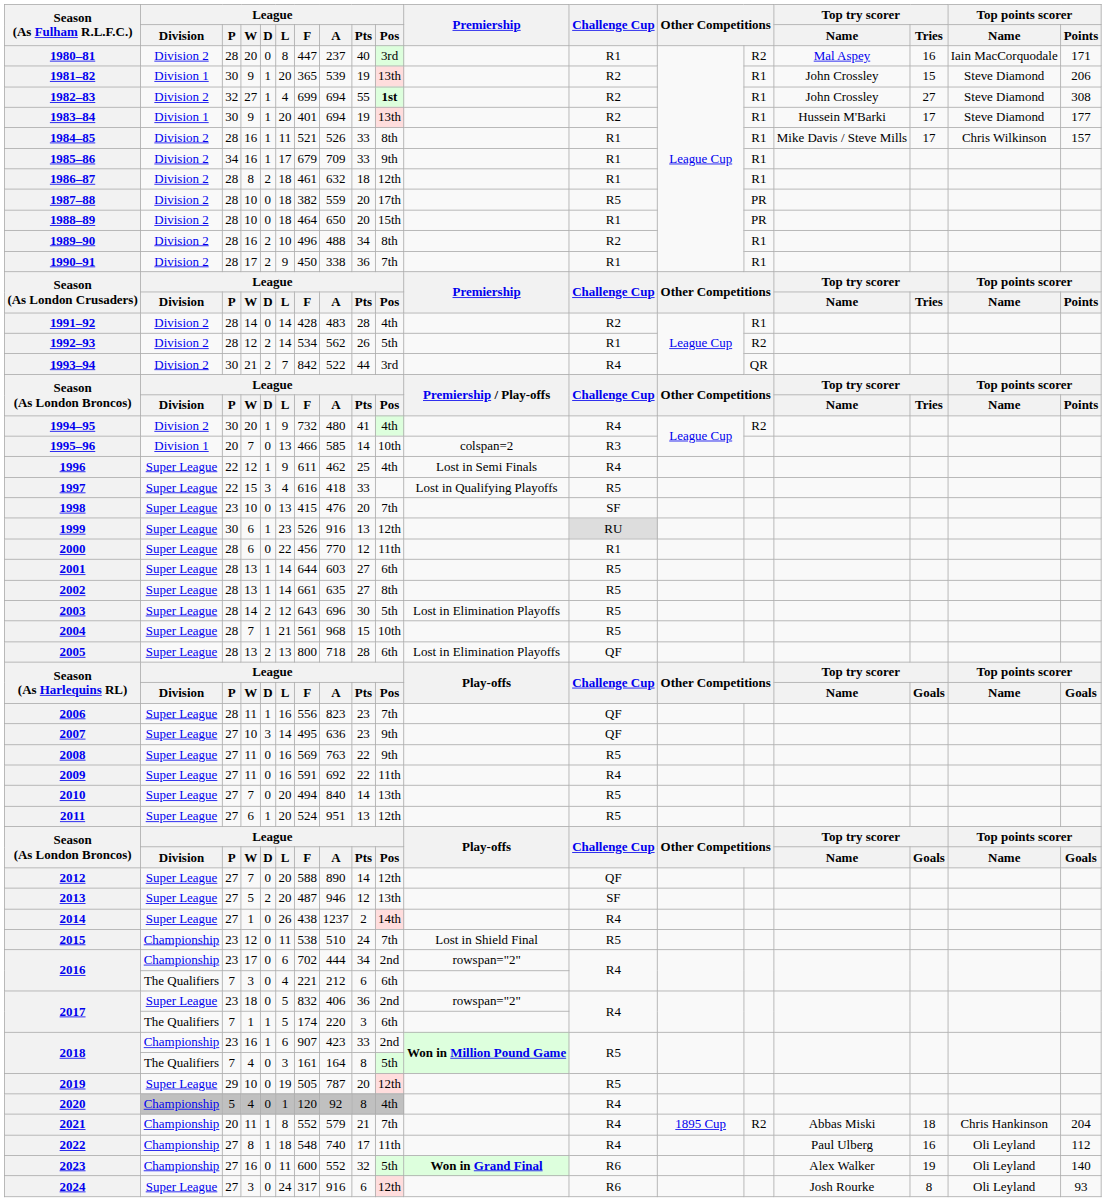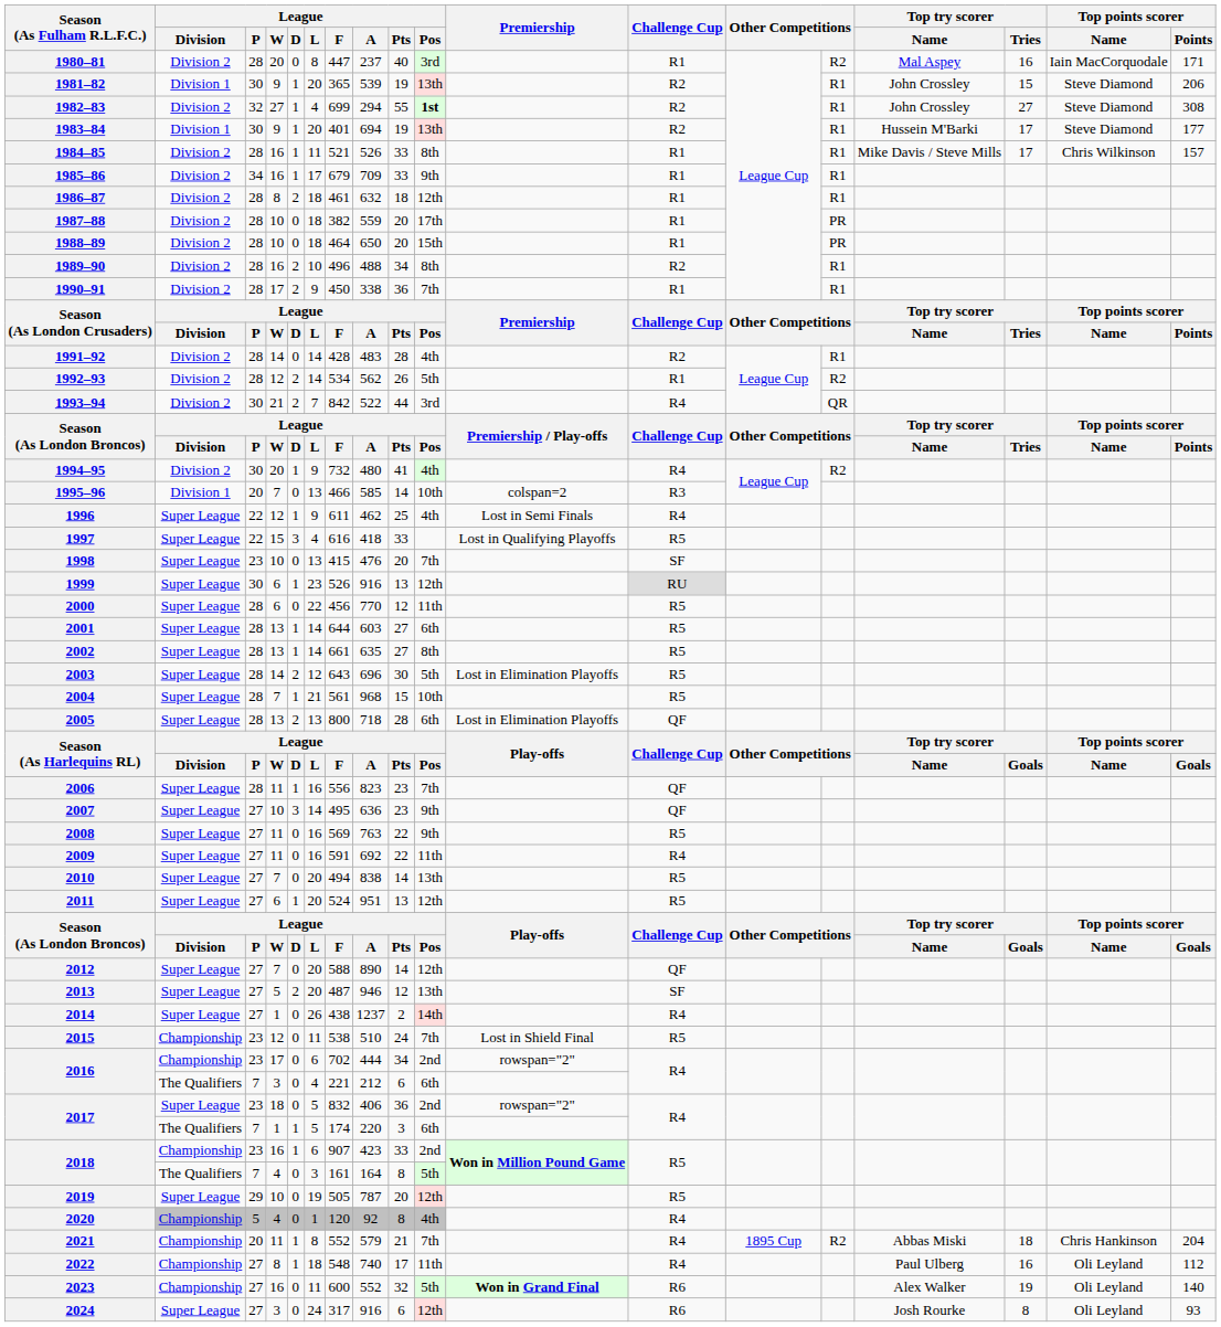 <table class="wikitable" style="text-align: center">
 <tr>
 <th rowspan=2>Season<br>(As  <a href='#'>Fulham</a> R.L.F.C.)</th>
 <th colspan=9>League</th>
 <th rowspan=2><a href='#'>Premiership</a></th>
 <th rowspan=2><a href='#'>Challenge Cup</a></th>
 <th rowspan=2 colspan=2>Other Competitions</th>
 <th colspan=2>Top try scorer</th>
 <th colspan=2>Top points scorer</th>
 </tr>
 <tr>
 <th>Division</th>
 <th>P</th>
 <th>W</th>
 <th>D</th>
 <th>L</th>
 <th>F</th>
 <th>A</th>
 <th>Pts</th>
 <th>Pos</th>
 <th>Name</th>
 <th>Tries</th>
 <th>Name</th>
 <th>Points</th>
 </tr>
 <tr>
 <th scope="row"><a href='#'>1980–81</a></th>
 <td><a href='#'>Division 2</a></td>
 <td>28</td>
 <td>20</td>
 <td>0</td>
 <td>8</td>
 <td>447</td>
 <td>237</td>
 <td>40</td>
 <td style="background:#ddffdd">3rd</td>
 <td></td>
 <td>R1</td>
 <td rowspan="11"><a href='#'>League Cup</a></td>
 <td>R2</td>
 <td><a href='#'>Mal Aspey</a></td>
 <td>16</td>
 <td>Iain MacCorquodale</td>
 <td>171</td>
 </tr>
 <tr>
 <th scope="row"><a href='#'>1981–82</a></th>
 <td><a href='#'>Division 1</a></td>
 <td>30</td>
 <td>9</td>
 <td>1</td>
 <td>20</td>
 <td>365</td>
 <td>539</td>
 <td>19</td>
 <td style="background:#ffdddd">13th</td>
 <td></td>
 <td>R2</td>
 <td>R1</td>
 <td>John Crossley</td>
 <td>15</td>
 <td>Steve Diamond</td>
 <td>206</td>
 </tr>
 <tr>
 <th scope="row"><a href='#'>1982–83</a></th>
 <td><a href='#'>Division 2</a></td>
 <td>32</td>
 <td>27</td>
 <td>1</td>
 <td>4</td>
 <td>699</td>
-<td>694</td>
+<td>294</td>
 <td>55</td>
 <td style="background:#ddffdd"><strong>1st</strong></td>
 <td></td>
 <td>R2</td>
 <td>R1</td>
 <td>John Crossley</td>
 <td>27</td>
 <td>Steve Diamond</td>
 <td>308</td>
 </tr>
 <tr>
 <th scope="row"><a href='#'>1983–84</a></th>
 <td><a href='#'>Division 1</a></td>
 <td>30</td>
 <td>9</td>
 <td>1</td>
 <td>20</td>
 <td>401</td>
 <td>694</td>
 <td>19</td>
 <td style="background:#ffdddd">13th</td>
 <td></td>
 <td>R2</td>
 <td>R1</td>
 <td>Hussein M'Barki</td>
 <td>17</td>
 <td>Steve Diamond</td>
 <td>177</td>
 </tr>
 <tr>
 <th scope="row"><a href='#'>1984–85</a></th>
 <td><a href='#'>Division 2</a></td>
 <td>28</td>
 <td>16</td>
 <td>1</td>
 <td>11</td>
 <td>521</td>
 <td>526</td>
 <td>33</td>
 <td>8th</td>
 <td></td>
 <td>R1</td>
 <td>R1</td>
 <td>Mike Davis / Steve Mills</td>
 <td>17</td>
 <td>Chris Wilkinson</td>
 <td>157</td>
 </tr>
 <tr>
 <th scope="row"><a href='#'>1985–86</a></th>
 <td><a href='#'>Division 2</a></td>
 <td>34</td>
 <td>16</td>
 <td>1</td>
 <td>17</td>
 <td>679</td>
 <td>709</td>
 <td>33</td>
 <td>9th</td>
 <td></td>
 <td>R1</td>
 <td>R1</td>
 <td></td>
 <td></td>
 <td></td>
 <td></td>
 </tr>
 <tr>
 <th scope="row"><a href='#'>1986–87</a></th>
 <td><a href='#'>Division 2</a></td>
 <td>28</td>
 <td>8</td>
 <td>2</td>
 <td>18</td>
 <td>461</td>
 <td>632</td>
 <td>18</td>
 <td>12th</td>
 <td></td>
 <td>R1</td>
 <td>R1</td>
 <td></td>
 <td></td>
 <td></td>
 <td></td>
 </tr>
 <tr>
 <th scope="row"><a href='#'>1987–88</a></th>
 <td><a href='#'>Division 2</a></td>
 <td>28</td>
 <td>10</td>
 <td>0</td>
 <td>18</td>
 <td>382</td>
 <td>559</td>
 <td>20</td>
 <td>17th</td>
 <td></td>
-<td>R5</td>
+<td>R1</td>
 <td>PR</td>
 <td></td>
 <td></td>
 <td></td>
 <td></td>
 </tr>
 <tr>
 <th scope="row"><a href='#'>1988–89</a></th>
 <td><a href='#'>Division 2</a></td>
 <td>28</td>
 <td>10</td>
 <td>0</td>
 <td>18</td>
 <td>464</td>
 <td>650</td>
 <td>20</td>
 <td>15th</td>
 <td></td>
 <td>R1</td>
 <td>PR</td>
 <td></td>
 <td></td>
 <td></td>
 <td></td>
 </tr>
 <tr>
 <th scope="row"><a href='#'>1989–90</a></th>
 <td><a href='#'>Division 2</a></td>
 <td>28</td>
 <td>16</td>
 <td>2</td>
 <td>10</td>
 <td>496</td>
 <td>488</td>
 <td>34</td>
 <td>8th</td>
 <td></td>
 <td>R2</td>
 <td>R1</td>
 <td></td>
 <td></td>
 <td></td>
 <td></td>
 </tr>
 <tr>
 <th scope="row"><a href='#'>1990–91</a></th>
 <td><a href='#'>Division 2</a></td>
 <td>28</td>
 <td>17</td>
 <td>2</td>
 <td>9</td>
 <td>450</td>
 <td>338</td>
 <td>36</td>
 <td>7th</td>
 <td></td>
 <td>R1</td>
 <td>R1</td>
 <td></td>
 <td></td>
 <td></td>
 <td></td>
 </tr>
 <tr>
 <th rowspan=2>Season<br>(As  London Crusaders)</th>
 <th colspan=9>League</th>
 <th rowspan=2><a href='#'>Premiership</a></th>
 <th rowspan=2><a href='#'>Challenge Cup</a></th>
 <th rowspan=2 colspan=2>Other Competitions</th>
 <th colspan=2>Top try scorer</th>
 <th colspan=2>Top points scorer</th>
 </tr>
 <tr>
 <th>Division</th>
 <th>P</th>
 <th>W</th>
 <th>D</th>
 <th>L</th>
 <th>F</th>
 <th>A</th>
 <th>Pts</th>
 <th>Pos</th>
 <th>Name</th>
 <th>Tries</th>
 <th>Name</th>
 <th>Points</th>
 </tr>
 <tr>
 <th scope="row"><a href='#'>1991–92</a></th>
 <td><a href='#'>Division 2</a></td>
 <td>28</td>
 <td>14</td>
 <td>0</td>
 <td>14</td>
 <td>428</td>
 <td>483</td>
 <td>28</td>
 <td>4th</td>
 <td></td>
 <td>R2</td>
 <td rowspan="3"><a href='#'>League Cup</a></td>
 <td>R1</td>
 <td></td>
 <td></td>
 <td></td>
 <td></td>
 </tr>
 <tr>
 <th scope="row"><a href='#'>1992–93</a></th>
 <td><a href='#'>Division 2</a></td>
 <td>28</td>
 <td>12</td>
 <td>2</td>
 <td>14</td>
 <td>534</td>
 <td>562</td>
 <td>26</td>
 <td>5th</td>
 <td></td>
 <td>R1</td>
 <td>R2</td>
 <td></td>
 <td></td>
 <td></td>
 <td></td>
 </tr>
 <tr>
 <th scope="row"><a href='#'>1993–94</a></th>
 <td><a href='#'>Division 2</a></td>
 <td>30</td>
 <td>21</td>
 <td>2</td>
 <td>7</td>
 <td>842</td>
 <td>522</td>
 <td>44</td>
 <td>3rd</td>
 <td></td>
 <td>R4</td>
 <td>QR</td>
 <td></td>
 <td></td>
 <td></td>
 <td></td>
 </tr>
 <tr>
 <th rowspan=2>Season<br>(As  London Broncos)</th>
 <th colspan=9>League</th>
 <th rowspan=2><a href='#'>Premiership</a> / Play-offs</th>
 <th rowspan=2><a href='#'>Challenge Cup</a></th>
 <th rowspan=2 colspan=2>Other Competitions</th>
 <th colspan=2>Top try scorer</th>
 <th colspan=2>Top points scorer</th>
 </tr>
 <tr>
 <th>Division</th>
 <th>P</th>
 <th>W</th>
 <th>D</th>
 <th>L</th>
 <th>F</th>
 <th>A</th>
 <th>Pts</th>
 <th>Pos</th>
 <th>Name</th>
 <th>Tries</th>
 <th>Name</th>
 <th>Points</th>
 </tr>
 <tr>
 <th scope="row"><a href='#'>1994–95</a></th>
 <td><a href='#'>Division 2</a></td>
 <td>30</td>
 <td>20</td>
 <td>1</td>
 <td>9</td>
 <td>732</td>
 <td>480</td>
 <td>41</td>
 <td style="background:#ddffdd">4th</td>
 <td></td>
 <td>R4</td>
 <td rowspan="2"><a href='#'>League Cup</a></td>
 <td>R2</td>
 <td></td>
 <td></td>
 <td></td>
 <td></td>
 </tr>
 <tr>
 <th scope="row"><a href='#'>1995–96</a></th>
 <td><a href='#'>Division 1</a></td>
 <td>20</td>
 <td>7</td>
 <td>0</td>
 <td>13</td>
 <td>466</td>
 <td>585</td>
 <td>14</td>
 <td>10th</td>
 <td>colspan=2</td>
 <td>R3</td>
 <td></td>
 <td></td>
 <td></td>
 <td></td>
 </tr>
 <tr>
 <th scope="row"><a href='#'>1996</a></th>
 <td><a href='#'>Super League</a></td>
 <td>22</td>
 <td>12</td>
 <td>1</td>
 <td>9</td>
 <td>611</td>
 <td>462</td>
 <td>25</td>
 <td>4th</td>
 <td>Lost in Semi Finals</td>
 <td>R4</td>
 <td></td>
 <td></td>
 <td></td>
 <td></td>
 <td></td>
 <td></td>
 </tr>
 <tr>
 <th scope="row"><a href='#'>1997</a></th>
 <td><a href='#'>Super League</a></td>
 <td>22</td>
 <td>15</td>
 <td>3</td>
 <td>4</td>
 <td>616</td>
 <td>418</td>
 <td>33</td>
 <td></td>
 <td>Lost in Qualifying Playoffs</td>
 <td>R5</td>
 <td></td>
 <td></td>
 <td></td>
 <td></td>
 <td></td>
 <td></td>
 </tr>
 <tr>
 <th scope="row"><a href='#'>1998</a></th>
 <td><a href='#'>Super League</a></td>
 <td>23</td>
 <td>10</td>
 <td>0</td>
 <td>13</td>
 <td>415</td>
 <td>476</td>
 <td>20</td>
 <td>7th</td>
 <td></td>
 <td>SF</td>
 <td></td>
 <td></td>
 <td></td>
 <td></td>
 <td></td>
 <td></td>
 </tr>
 <tr>
 <th scope="row"><a href='#'>1999</a></th>
 <td><a href='#'>Super League</a></td>
 <td>30</td>
 <td>6</td>
 <td>1</td>
 <td>23</td>
 <td>526</td>
 <td>916</td>
 <td>13</td>
 <td>12th</td>
 <td></td>
 <td style="background-color:#DDD">RU</td>
 <td></td>
 <td></td>
 <td></td>
 <td></td>
 <td></td>
 <td></td>
 </tr>
 <tr>
 <th scope="row"><a href='#'>2000</a></th>
 <td><a href='#'>Super League</a></td>
 <td>28</td>
 <td>6</td>
 <td>0</td>
 <td>22</td>
 <td>456</td>
 <td>770</td>
 <td>12</td>
 <td>11th</td>
 <td></td>
-<td>R1</td>
+<td>R5</td>
 <td></td>
 <td></td>
 <td></td>
 <td></td>
 <td></td>
 <td></td>
 </tr>
 <tr>
 <th scope="row"><a href='#'>2001</a></th>
 <td><a href='#'>Super League</a></td>
 <td>28</td>
 <td>13</td>
 <td>1</td>
 <td>14</td>
 <td>644</td>
 <td>603</td>
 <td>27</td>
 <td>6th</td>
 <td></td>
 <td>R5</td>
 <td></td>
 <td></td>
 <td></td>
 <td></td>
 <td></td>
 <td></td>
 </tr>
 <tr>
 <th scope="row"><a href='#'>2002</a></th>
 <td><a href='#'>Super League</a></td>
 <td>28</td>
 <td>13</td>
 <td>1</td>
 <td>14</td>
 <td>661</td>
 <td>635</td>
 <td>27</td>
 <td>8th</td>
 <td></td>
 <td>R5</td>
 <td></td>
 <td></td>
 <td></td>
 <td></td>
 <td></td>
 <td></td>
 </tr>
 <tr>
 <th scope="row"><a href='#'>2003</a></th>
 <td><a href='#'>Super League</a></td>
 <td>28</td>
 <td>14</td>
 <td>2</td>
 <td>12</td>
 <td>643</td>
 <td>696</td>
 <td>30</td>
 <td>5th</td>
 <td>Lost in Elimination Playoffs</td>
 <td>R5</td>
 <td></td>
 <td></td>
 <td></td>
 <td></td>
 <td></td>
 <td></td>
 </tr>
 <tr>
 <th scope="row"><a href='#'>2004</a></th>
 <td><a href='#'>Super League</a></td>
 <td>28</td>
 <td>7</td>
 <td>1</td>
 <td>21</td>
 <td>561</td>
 <td>968</td>
 <td>15</td>
 <td>10th</td>
 <td></td>
 <td>R5</td>
 <td></td>
 <td></td>
 <td></td>
 <td></td>
 <td></td>
 <td></td>
 </tr>
 <tr>
 <th scope="row"><a href='#'>2005</a></th>
 <td><a href='#'>Super League</a></td>
 <td>28</td>
 <td>13</td>
 <td>2</td>
 <td>13</td>
 <td>800</td>
 <td>718</td>
 <td>28</td>
 <td>6th</td>
 <td>Lost in Elimination Playoffs</td>
 <td>QF</td>
 <td></td>
 <td></td>
 <td></td>
 <td></td>
 <td></td>
 <td></td>
 </tr>
 <tr>
 <th rowspan=2>Season<br>(As  <a href='#'>Harlequins</a> RL)</th>
 <th colspan=9>League</th>
 <th rowspan=2>Play-offs</th>
 <th rowspan=2><a href='#'>Challenge Cup</a></th>
 <th rowspan=2 colspan=2>Other Competitions</th>
 <th colspan=2>Top try scorer</th>
 <th colspan=2>Top points scorer</th>
 </tr>
 <tr>
 <th>Division</th>
 <th>P</th>
 <th>W</th>
 <th>D</th>
 <th>L</th>
 <th>F</th>
 <th>A</th>
 <th>Pts</th>
 <th>Pos</th>
 <th>Name</th>
 <th>Goals</th>
 <th>Name</th>
 <th>Goals</th>
 </tr>
 <tr>
 <th scope="row"><a href='#'>2006</a></th>
 <td><a href='#'>Super League</a></td>
 <td>28</td>
 <td>11</td>
 <td>1</td>
 <td>16</td>
 <td>556</td>
 <td>823</td>
 <td>23</td>
 <td>7th</td>
 <td></td>
 <td>QF</td>
 <td></td>
 <td></td>
 <td></td>
 <td></td>
 <td></td>
 <td></td>
 </tr>
 <tr>
 <th scope="row"><a href='#'>2007</a></th>
 <td><a href='#'>Super League</a></td>
 <td>27</td>
 <td>10</td>
 <td>3</td>
 <td>14</td>
 <td>495</td>
 <td>636</td>
 <td>23</td>
 <td>9th</td>
 <td></td>
 <td>QF</td>
 <td></td>
 <td></td>
 <td></td>
 <td></td>
 <td></td>
 <td></td>
 </tr>
 <tr>
 <th scope="row"><a href='#'>2008</a></th>
 <td><a href='#'>Super League</a></td>
 <td>27</td>
 <td>11</td>
 <td>0</td>
 <td>16</td>
 <td>569</td>
 <td>763</td>
 <td>22</td>
 <td>9th</td>
 <td></td>
 <td>R5</td>
 <td></td>
 <td></td>
 <td></td>
 <td></td>
 <td></td>
 <td></td>
 </tr>
 <tr>
 <th scope="row"><a href='#'>2009</a></th>
 <td><a href='#'>Super League</a></td>
 <td>27</td>
 <td>11</td>
 <td>0</td>
 <td>16</td>
 <td>591</td>
 <td>692</td>
 <td>22</td>
 <td>11th</td>
 <td></td>
 <td>R4</td>
 <td></td>
 <td></td>
 <td></td>
 <td></td>
 <td></td>
 <td></td>
 </tr>
 <tr>
 <th scope="row"><a href='#'>2010</a></th>
 <td><a href='#'>Super League</a></td>
 <td>27</td>
 <td>7</td>
 <td>0</td>
 <td>20</td>
 <td>494</td>
-<td>840</td>
+<td>838</td>
 <td>14</td>
 <td>13th</td>
 <td></td>
 <td>R5</td>
 <td></td>
 <td></td>
 <td></td>
 <td></td>
 <td></td>
 <td></td>
 </tr>
 <tr>
 <th scope="row"><a href='#'>2011</a></th>
 <td><a href='#'>Super League</a></td>
 <td>27</td>
 <td>6</td>
 <td>1</td>
 <td>20</td>
 <td>524</td>
 <td>951</td>
 <td>13</td>
 <td>12th</td>
 <td></td>
 <td>R5</td>
 <td></td>
 <td></td>
 <td></td>
 <td></td>
 <td></td>
 <td></td>
 </tr>
 <tr>
 <th rowspan=2>Season<br>(As  London Broncos)</th>
 <th colspan=9>League</th>
 <th rowspan=2>Play-offs</th>
 <th rowspan=2><a href='#'>Challenge Cup</a></th>
 <th rowspan=2 colspan=2>Other Competitions</th>
 <th colspan=2>Top try scorer</th>
 <th colspan=2>Top points scorer</th>
 </tr>
 <tr>
 <th>Division</th>
 <th>P</th>
 <th>W</th>
 <th>D</th>
 <th>L</th>
 <th>F</th>
 <th>A</th>
 <th>Pts</th>
 <th>Pos</th>
 <th>Name</th>
 <th>Goals</th>
 <th>Name</th>
 <th>Goals</th>
 </tr>
 <tr>
 <th><a href='#'>2012</a></th>
 <td><a href='#'>Super League</a></td>
 <td>27</td>
 <td>7</td>
 <td>0</td>
 <td>20</td>
 <td>588</td>
 <td>890</td>
 <td>14</td>
 <td>12th</td>
 <td></td>
 <td>QF</td>
 <td></td>
 <td></td>
 <td></td>
 <td></td>
 <td></td>
 <td></td>
 </tr>
 <tr>
 <th><a href='#'>2013</a></th>
 <td><a href='#'>Super League</a></td>
 <td>27</td>
 <td>5</td>
 <td>2</td>
 <td>20</td>
 <td>487</td>
 <td>946</td>
 <td>12</td>
 <td>13th</td>
 <td></td>
 <td>SF</td>
 <td></td>
 <td></td>
 <td></td>
 <td></td>
 <td></td>
 <td></td>
 </tr>
 <tr>
 <th><a href='#'>2014</a></th>
 <td><a href='#'>Super League</a></td>
 <td>27</td>
 <td>1</td>
 <td>0</td>
 <td>26</td>
 <td>438</td>
 <td>1237</td>
 <td>2</td>
 <td style="background:#ffdddd">14th</td>
 <td></td>
 <td>R4</td>
 <td></td>
 <td></td>
 <td></td>
 <td></td>
 <td></td>
 <td></td>
 </tr>
 <tr>
 <th><a href='#'>2015</a></th>
 <td><a href='#'>Championship</a></td>
 <td>23</td>
 <td>12</td>
 <td>0</td>
 <td>11</td>
 <td>538</td>
 <td>510</td>
 <td>24</td>
 <td>7th</td>
 <td>Lost in Shield Final</td>
 <td>R5</td>
 <td></td>
 <td></td>
 <td></td>
 <td></td>
 <td></td>
 <td></td>
 </tr>
 <tr>
 <th rowspan="2"><a href='#'>2016</a></th>
 <td><a href='#'>Championship</a></td>
 <td>23</td>
 <td>17</td>
 <td>0</td>
 <td>6</td>
 <td>702</td>
 <td>444</td>
 <td>34</td>
 <td>2nd</td>
 <td>rowspan="2" </td>
 <td rowspan="2">R4</td>
 <td rowspan="2"></td>
 <td rowspan="2"></td>
 <td rowspan="2"></td>
 <td rowspan="2"></td>
 <td rowspan="2"></td>
 <td rowspan="2"></td>
 </tr>
 <tr>
 <td>The Qualifiers</td>
 <td>7</td>
 <td>3</td>
 <td>0</td>
 <td>4</td>
 <td>221</td>
 <td>212</td>
 <td>6</td>
 <td>6th</td>
 </tr>
 <tr>
 <th rowspan="2"><a href='#'>2017</a></th>
 <td><a href='#'>Super League</a></td>
 <td>23</td>
 <td>18</td>
 <td>0</td>
 <td>5</td>
 <td>832</td>
 <td>406</td>
 <td>36</td>
 <td>2nd</td>
 <td>rowspan="2" </td>
 <td rowspan="2">R4</td>
 <td rowspan="2"></td>
 <td rowspan="2"></td>
 <td rowspan="2"></td>
 <td rowspan="2"></td>
 <td rowspan="2"></td>
 <td rowspan="2"></td>
 </tr>
 <tr>
 <td>The Qualifiers</td>
 <td>7</td>
 <td>1</td>
 <td>1</td>
 <td>5</td>
 <td>174</td>
 <td>220</td>
 <td>3</td>
 <td>6th</td>
 </tr>
 <tr>
 <th rowspan="2"><a href='#'>2018</a></th>
 <td><a href='#'>Championship</a></td>
 <td>23</td>
 <td>16</td>
 <td>1</td>
 <td>6</td>
 <td>907</td>
 <td>423</td>
 <td>33</td>
 <td>2nd</td>
 <td rowspan="2" style="background:#ddffdd"><strong>Won in <a href='#'>Million Pound Game</a></strong></td>
 <td rowspan="2">R5</td>
 <td rowspan="2"></td>
 <td rowspan="2"></td>
 <td rowspan="2"></td>
 <td rowspan="2"></td>
 <td rowspan="2"></td>
 <td rowspan="2"></td>
 </tr>
 <tr>
 <td>The Qualifiers</td>
 <td>7</td>
 <td>4</td>
 <td>0</td>
 <td>3</td>
 <td>161</td>
 <td>164</td>
 <td>8</td>
 <td style="background:#ddffdd">5th</td>
 </tr>
 <tr>
 <th><a href='#'>2019</a></th>
 <td><a href='#'>Super League</a></td>
 <td>29</td>
 <td>10</td>
 <td>0</td>
 <td>19</td>
 <td>505</td>
 <td>787</td>
 <td>20</td>
 <td style="background:#ffdddd">12th</td>
 <td></td>
 <td>R5</td>
 <td></td>
 <td></td>
 <td></td>
 <td></td>
 <td></td>
 <td></td>
 </tr>
 <tr>
 <th><a href='#'>2020</a></th>
 <td style="background:#C0C0C0;"><a href='#'>Championship</a></td>
 <td style="background:#C0C0C0;">5</td>
 <td style="background:#C0C0C0;">4</td>
 <td style="background:#C0C0C0;">0</td>
 <td style="background:#C0C0C0;">1</td>
 <td style="background:#C0C0C0;">120</td>
 <td style="background:#C0C0C0;">92</td>
 <td style="background:#C0C0C0;">8</td>
 <td style="background:#C0C0C0;">4th</td>
 <td></td>
 <td>R4</td>
 <td></td>
 <td></td>
 <td></td>
 <td></td>
 <td></td>
 <td></td>
 </tr>
 <tr>
 <th><a href='#'>2021</a></th>
 <td><a href='#'>Championship</a></td>
 <td>20</td>
 <td>11</td>
 <td>1</td>
 <td>8</td>
 <td>552</td>
 <td>579</td>
 <td>21</td>
 <td>7th</td>
 <td></td>
 <td>R4</td>
 <td><a href='#'>1895 Cup</a></td>
 <td>R2</td>
 <td>Abbas Miski</td>
 <td>18</td>
 <td>Chris Hankinson</td>
 <td>204</td>
 </tr>
 <tr>
 <th><a href='#'>2022</a></th>
 <td><a href='#'>Championship</a></td>
 <td>27</td>
 <td>8</td>
 <td>1</td>
 <td>18</td>
 <td>548</td>
 <td>740</td>
 <td>17</td>
 <td>11th</td>
 <td></td>
 <td>R4</td>
 <td></td>
 <td></td>
 <td>Paul Ulberg</td>
 <td>16</td>
 <td>Oli Leyland</td>
 <td>112</td>
 </tr>
 <tr>
 <th><a href='#'>2023</a></th>
 <td><a href='#'>Championship</a></td>
 <td>27</td>
 <td>16</td>
 <td>0</td>
 <td>11</td>
 <td>600</td>
 <td>552</td>
 <td>32</td>
 <td style="background:#ddffdd">5th</td>
 <td style="background:#ddffdd"><strong>Won in <a href='#'>Grand Final</a></strong></td>
 <td>R6</td>
 <td></td>
 <td></td>
 <td>Alex Walker</td>
 <td>19</td>
 <td>Oli Leyland</td>
 <td>140</td>
 </tr>
 <tr>
 <th><a href='#'>2024</a></th>
 <td><a href='#'>Super League</a></td>
 <td>27</td>
 <td>3</td>
 <td>0</td>
 <td>24</td>
 <td>317</td>
 <td>916</td>
 <td>6</td>
 <td style="background:#ffdddd">12th</td>
 <td></td>
 <td>R6</td>
 <td></td>
 <td></td>
 <td>Josh Rourke</td>
 <td>8</td>
 <td>Oli Leyland</td>
 <td>93</td>
 </tr>
 </table>
